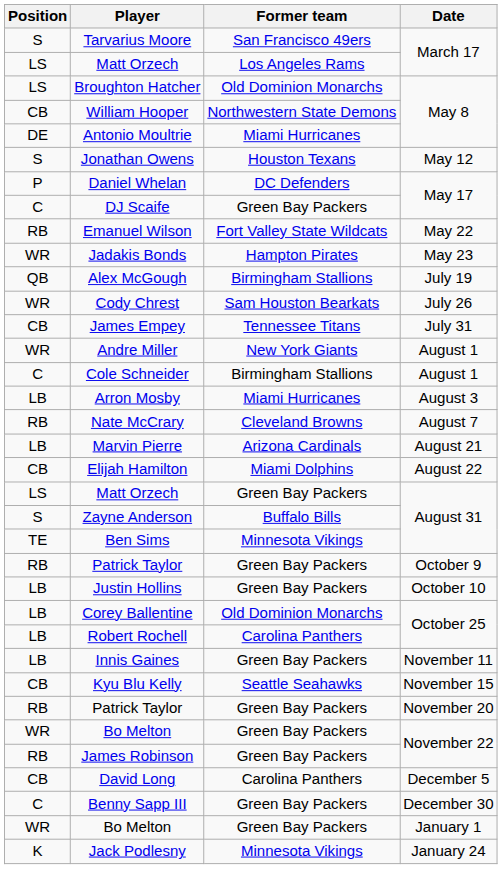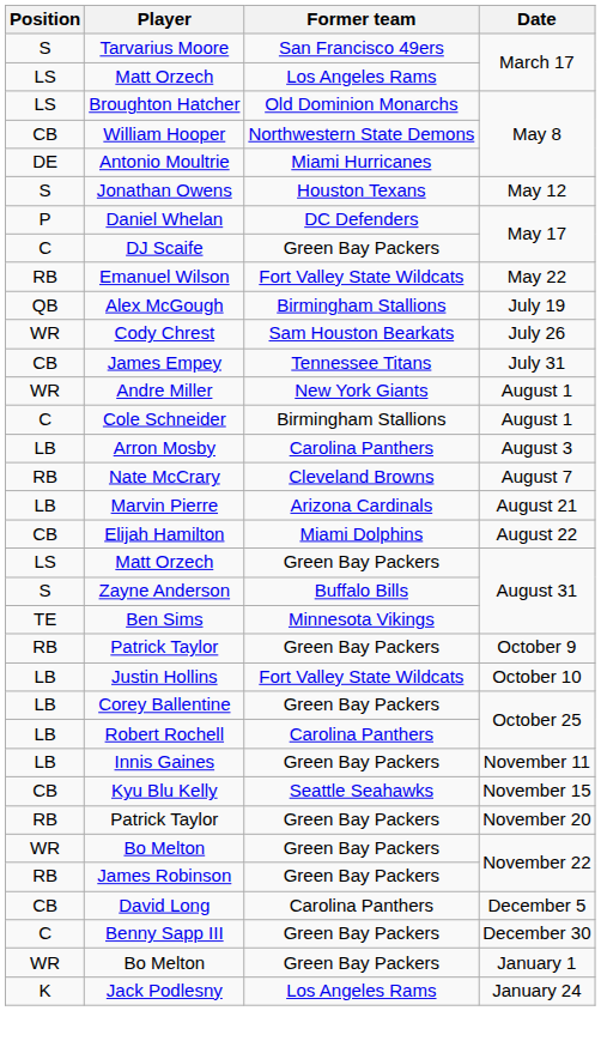 <table class="wikitable" style="text-align:center">
 <tr>
 <th>Position</th>
 <th>Player</th>
 <th>Former team</th>
 <th>Date</th>
 </tr>
 <tr>
 <td>S</td>
 <td><a href='#'>Tarvarius Moore</a></td>
 <td><a href='#'>San Francisco 49ers</a></td>
 <td rowspan=2>March 17</td>
 </tr>
 <tr>
 <td>LS</td>
 <td><a href='#'>Matt Orzech</a></td>
 <td><a href='#'>Los Angeles Rams</a></td>
 </tr>
 <tr>
 <td>LS</td>
 <td><a href='#'>Broughton Hatcher</a></td>
 <td><a href='#'>Old Dominion Monarchs</a></td>
 <td rowspan=3>May 8</td>
 </tr>
 <tr>
 <td>CB</td>
 <td><a href='#'>William Hooper</a></td>
 <td><a href='#'>Northwestern State Demons</a></td>
 </tr>
 <tr>
 <td>DE</td>
 <td><a href='#'>Antonio Moultrie</a></td>
 <td><a href='#'>Miami Hurricanes</a></td>
 </tr>
 <tr>
 <td>S</td>
 <td><a href='#'>Jonathan Owens</a></td>
 <td><a href='#'>Houston Texans</a></td>
 <td>May 12</td>
 </tr>
 <tr>
 <td>P</td>
 <td><a href='#'>Daniel Whelan</a></td>
 <td><a href='#'>DC Defenders</a></td>
 <td rowspan=2>May 17</td>
 </tr>
 <tr>
 <td>C</td>
 <td><a href='#'>DJ Scaife</a></td>
 <td>Green Bay Packers</td>
 </tr>
 <tr>
 <td>RB</td>
 <td><a href='#'>Emanuel Wilson</a></td>
 <td><a href='#'>Fort Valley State Wildcats</a></td>
 <td>May 22</td>
 </tr>
 <tr>
-<td>WR</td>
-<td><a href='#'>Jadakis Bonds</a></td>
-<td><a href='#'>Hampton Pirates</a></td>
-<td>May 23</td>
-</tr>
-<tr>
 <td>QB</td>
 <td><a href='#'>Alex McGough</a></td>
 <td><a href='#'>Birmingham Stallions</a></td>
 <td>July 19</td>
 </tr>
 <tr>
 <td>WR</td>
 <td><a href='#'>Cody Chrest</a></td>
 <td><a href='#'>Sam Houston Bearkats</a></td>
 <td>July 26</td>
 </tr>
 <tr>
 <td>CB</td>
 <td><a href='#'>James Empey</a></td>
 <td><a href='#'>Tennessee Titans</a></td>
 <td>July 31</td>
 </tr>
 <tr>
 <td>WR</td>
 <td><a href='#'>Andre Miller</a></td>
 <td><a href='#'>New York Giants</a></td>
 <td>August 1</td>
 </tr>
 <tr>
 <td>C</td>
 <td><a href='#'>Cole Schneider</a></td>
 <td>Birmingham Stallions</td>
 <td>August 1</td>
 </tr>
 <tr>
 <td>LB</td>
 <td><a href='#'>Arron Mosby</a></td>
-<td><a href='#'>Miami Hurricanes</a></td>
+<td><a href='#'>Carolina Panthers</a></td>
 <td>August 3</td>
 </tr>
 <tr>
 <td>RB</td>
 <td><a href='#'>Nate McCrary</a></td>
 <td><a href='#'>Cleveland Browns</a></td>
 <td>August 7</td>
 </tr>
 <tr>
 <td>LB</td>
 <td><a href='#'>Marvin Pierre</a></td>
 <td><a href='#'>Arizona Cardinals</a></td>
 <td>August 21</td>
 </tr>
 <tr>
 <td>CB</td>
 <td><a href='#'>Elijah Hamilton</a></td>
 <td><a href='#'>Miami Dolphins</a></td>
 <td>August 22</td>
 </tr>
 <tr>
 <td>LS</td>
 <td><a href='#'>Matt Orzech</a></td>
 <td>Green Bay Packers</td>
 <td rowspan=3>August 31</td>
 </tr>
 <tr>
 <td>S</td>
 <td><a href='#'>Zayne Anderson</a></td>
 <td><a href='#'>Buffalo Bills</a></td>
 </tr>
 <tr>
 <td>TE</td>
 <td><a href='#'>Ben Sims</a></td>
 <td><a href='#'>Minnesota Vikings</a></td>
 </tr>
 <tr>
 <td>RB</td>
 <td><a href='#'>Patrick Taylor</a></td>
 <td>Green Bay Packers</td>
 <td>October 9</td>
 </tr>
 <tr>
 <td>LB</td>
 <td><a href='#'>Justin Hollins</a></td>
-<td>Green Bay Packers</td>
+<td><a href='#'>Fort Valley State Wildcats</a></td>
 <td>October 10</td>
 </tr>
 <tr>
 <td>LB</td>
 <td><a href='#'>Corey Ballentine</a></td>
-<td><a href='#'>Old Dominion Monarchs</a></td>
+<td>Green Bay Packers</td>
 <td rowspan=2>October 25</td>
 </tr>
 <tr>
 <td>LB</td>
 <td><a href='#'>Robert Rochell</a></td>
 <td><a href='#'>Carolina Panthers</a></td>
 </tr>
 <tr>
 <td>LB</td>
 <td><a href='#'>Innis Gaines</a></td>
 <td>Green Bay Packers</td>
 <td>November 11</td>
 </tr>
 <tr>
 <td>CB</td>
 <td><a href='#'>Kyu Blu Kelly</a></td>
 <td><a href='#'>Seattle Seahawks</a></td>
 <td>November 15</td>
 </tr>
 <tr>
 <td>RB</td>
 <td>Patrick Taylor</td>
 <td>Green Bay Packers</td>
 <td>November 20</td>
 </tr>
 <tr>
 <td>WR</td>
 <td><a href='#'>Bo Melton</a></td>
 <td>Green Bay Packers</td>
 <td rowspan=2>November 22</td>
 </tr>
 <tr>
 <td>RB</td>
 <td><a href='#'>James Robinson</a></td>
 <td>Green Bay Packers</td>
 </tr>
 <tr>
 <td>CB</td>
 <td><a href='#'>David Long</a></td>
 <td>Carolina Panthers</td>
 <td>December 5</td>
 </tr>
 <tr>
 <td>C</td>
 <td><a href='#'>Benny Sapp III</a></td>
 <td>Green Bay Packers</td>
 <td>December 30</td>
 </tr>
 <tr>
 <td>WR</td>
 <td>Bo Melton</td>
 <td>Green Bay Packers</td>
 <td>January 1</td>
 </tr>
 <tr>
 <td>K</td>
 <td><a href='#'>Jack Podlesny</a></td>
-<td><a href='#'>Minnesota Vikings</a></td>
+<td><a href='#'>Los Angeles Rams</a></td>
 <td>January 24</td>
 </tr>
 </table>
